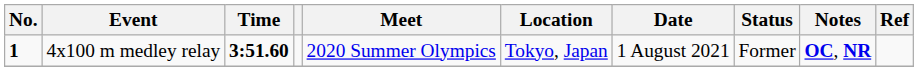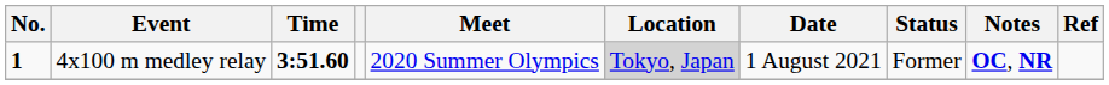 <table class="wikitable sortable">
 <tr>
 <th>No.</th>
 <th>Event</th>
 <th>Time</th>
 <th></th>
 <th>Meet</th>
 <th>Location</th>
 <th>Date</th>
 <th>Status</th>
 <th>Notes</th>
 <th>Ref</th>
 </tr>
 <tr>
 <td><strong>1</strong></td>
 <td>4x100 m medley relay</td>
 <td align="center"><strong>3:51.60</strong></td>
 <td></td>
 <td><a href='#'>2020 Summer Olympics</a></td>
-<td><a href='#'>Tokyo</a>, <a href='#'>Japan</a></td>
+<td style="background: lightgrey;"><a href='#'>Tokyo</a>, <a href='#'>Japan</a></td>
 <td align="center">1 August 2021</td>
 <td align="center">Former</td>
 <td><strong><a href='#'>OC</a></strong>, <strong><a href='#'>NR</a></strong></td>
 <td align="center"></td>
 </tr>
 <tr>
 </tr>
 </table>
